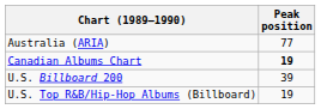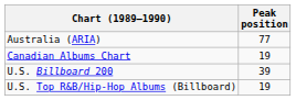 <table class="wikitable">
 <tr>
 <th>Chart (1989–1990)</th>
 <th>Peak<br>position</th>
 </tr>
 <tr>
 <td>Australia (<a href='#'>ARIA</a>)</td>
 <td align="center">77</td>
 </tr>
 <tr>
 <td><a href='#'>Canadian Albums Chart</a></td>
-<td style="text-align:center;"><strong>19</strong></td>
+<td style="text-align:center;">19</td>
 </tr>
 <tr>
 <td>U.S. <a href='#'><em>Billboard</em> 200</a></td>
 <td style="text-align:center;">39</td>
 </tr>
 <tr>
 <td>U.S. <a href='#'>Top R&B/Hip-Hop Albums</a> (Billboard)</td>
 <td style="text-align:center;">19</td>
 </tr>
 </table>
